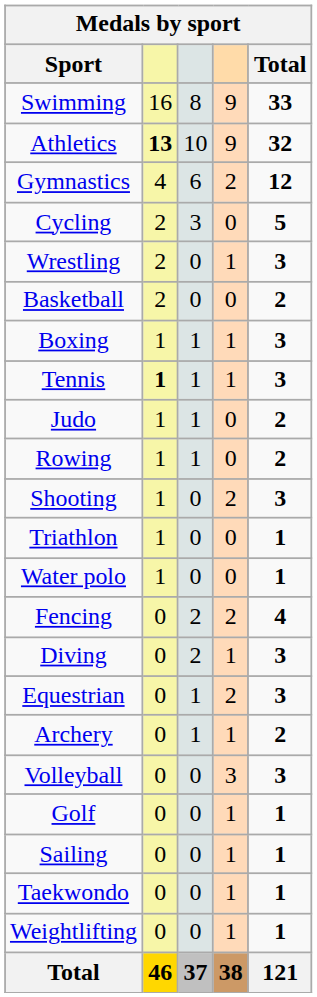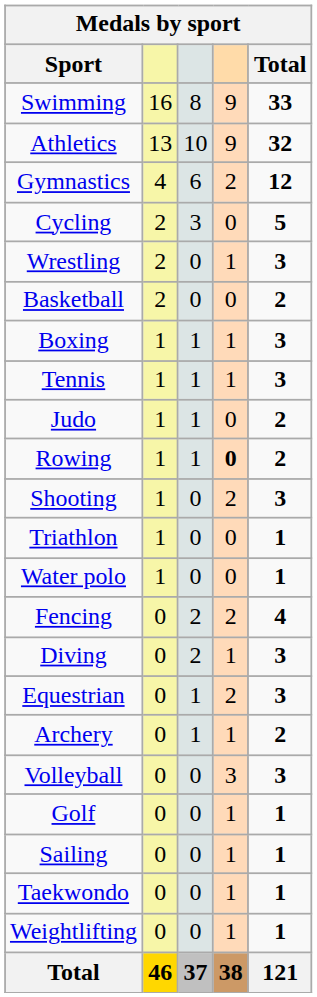 <table class=wikitable style=font-size:85%;float:right;text-align:center>
 <tr>
 <th colspan=7>Medals by sport</th>
 </tr>
 <tr>
 <th>Sport</th>
 <td bgcolor=F7F6A8></td>
 <td bgcolor=DCE5E5></td>
 <td bgcolor=FFDBA9></td>
 <th>Total</th>
 </tr>
 <tr>
 <td><a href='#'>Swimming</a></td>
 <td bgcolor=F7F6A8>16</td>
 <td bgcolor=DCE5E5>8</td>
 <td bgcolor=FFDAB9>9</td>
 <td><strong>33</strong></td>
 </tr>
 <tr>
 <td><a href='#'>Athletics</a></td>
-<td bgcolor=F7F6A8><strong>13</strong></td>
+<td bgcolor=F7F6A8>13</td>
 <td bgcolor=DCE5E5>10</td>
 <td bgcolor=FFDAB9>9</td>
 <td><strong>32</strong></td>
 </tr>
 <tr>
 <td><a href='#'>Gymnastics</a></td>
 <td bgcolor=F7F6A8>4</td>
 <td bgcolor=DCE5E5>6</td>
 <td bgcolor=FFDAB9>2</td>
 <td><strong>12</strong></td>
 </tr>
 <tr>
 <td><a href='#'>Cycling</a></td>
 <td bgcolor=F7F6A8>2</td>
 <td bgcolor=DCE5E5>3</td>
 <td bgcolor=FFDAB9>0</td>
 <td><strong>5</strong></td>
 </tr>
 <tr>
 <td><a href='#'>Wrestling</a></td>
 <td bgcolor=F7F6A8>2</td>
 <td bgcolor=DCE5E5>0</td>
 <td bgcolor=FFDAB9>1</td>
 <td><strong>3</strong></td>
 </tr>
 <tr>
 <td><a href='#'>Basketball</a></td>
 <td bgcolor=F7F6A8>2</td>
 <td bgcolor=DCE5E5>0</td>
 <td bgcolor=FFDAB9>0</td>
 <td><strong>2</strong></td>
 </tr>
 <tr>
 <td><a href='#'>Boxing</a></td>
 <td bgcolor=F7F6A8>1</td>
 <td bgcolor=DCE5E5>1</td>
 <td bgcolor=FFDAB9>1</td>
 <td><strong>3</strong></td>
 </tr>
 <tr>
 <td><a href='#'>Tennis</a></td>
-<td bgcolor=F7F6A8><strong>1</strong></td>
+<td bgcolor=F7F6A8>1</td>
 <td bgcolor=DCE5E5>1</td>
 <td bgcolor=FFDAB9>1</td>
 <td><strong>3</strong></td>
 </tr>
 <tr>
 <td><a href='#'>Judo</a></td>
 <td bgcolor=F7F6A8>1</td>
 <td bgcolor=DCE5E5>1</td>
 <td bgcolor=FFDAB9>0</td>
 <td><strong>2</strong></td>
 </tr>
 <tr>
 <td><a href='#'>Rowing</a></td>
 <td bgcolor=F7F6A8>1</td>
 <td bgcolor=DCE5E5>1</td>
-<td bgcolor=FFDAB9>0</td>
+<td bgcolor=FFDAB9><strong>0</strong></td>
 <td><strong>2</strong></td>
 </tr>
 <tr>
 <td><a href='#'>Shooting</a></td>
 <td bgcolor=F7F6A8>1</td>
 <td bgcolor=DCE5E5>0</td>
 <td bgcolor=FFDAB9>2</td>
 <td><strong>3</strong></td>
 </tr>
 <tr>
 <td><a href='#'>Triathlon</a></td>
 <td bgcolor=F7F6A8>1</td>
 <td bgcolor=DCE5E5>0</td>
 <td bgcolor=FFDAB9>0</td>
 <td><strong>1</strong></td>
 </tr>
 <tr>
 <td><a href='#'>Water polo</a></td>
 <td bgcolor=F7F6A8>1</td>
 <td bgcolor=DCE5E5>0</td>
 <td bgcolor=FFDAB9>0</td>
 <td><strong>1</strong></td>
 </tr>
 <tr>
 <td><a href='#'>Fencing</a></td>
 <td bgcolor=F7F6A8>0</td>
 <td bgcolor=DCE5E5>2</td>
 <td bgcolor=FFDAB9>2</td>
 <td><strong>4</strong></td>
 </tr>
 <tr>
 <td><a href='#'>Diving</a></td>
 <td bgcolor=F7F6A8>0</td>
 <td bgcolor=DCE5E5>2</td>
 <td bgcolor=FFDAB9>1</td>
 <td><strong>3</strong></td>
 </tr>
 <tr>
 <td><a href='#'>Equestrian</a></td>
 <td bgcolor=F7F6A8>0</td>
 <td bgcolor=DCE5E5>1</td>
 <td bgcolor=FFDAB9>2</td>
 <td><strong>3</strong></td>
 </tr>
 <tr>
 <td><a href='#'>Archery</a></td>
 <td bgcolor=F7F6A8>0</td>
 <td bgcolor=DCE5E5>1</td>
 <td bgcolor=FFDAB9>1</td>
 <td><strong>2</strong></td>
 </tr>
 <tr>
 <td><a href='#'>Volleyball</a></td>
 <td bgcolor=F7F6A8>0</td>
 <td bgcolor=DCE5E5>0</td>
 <td bgcolor=FFDAB9>3</td>
 <td><strong>3</strong></td>
 </tr>
 <tr>
 <td><a href='#'>Golf</a></td>
 <td bgcolor=F7F6A8>0</td>
 <td bgcolor=DCE5E5>0</td>
 <td bgcolor=FFDAB9>1</td>
 <td><strong>1</strong></td>
 </tr>
 <tr>
 <td><a href='#'>Sailing</a></td>
 <td bgcolor=F7F6A8>0</td>
 <td bgcolor=DCE5E5>0</td>
 <td bgcolor=FFDAB9>1</td>
 <td><strong>1</strong></td>
 </tr>
 <tr>
 <td><a href='#'>Taekwondo</a></td>
 <td bgcolor=F7F6A8>0</td>
 <td bgcolor=DCE5E5>0</td>
 <td bgcolor=FFDAB9>1</td>
 <td><strong>1</strong></td>
 </tr>
 <tr>
 <td><a href='#'>Weightlifting</a></td>
 <td bgcolor=F7F6A8>0</td>
 <td bgcolor=DCE5E5>0</td>
 <td bgcolor=FFDAB9>1</td>
 <td><strong>1</strong></td>
 </tr>
 <tr>
 <th>Total</th>
 <th style=background:gold>46</th>
 <th style=background:silver>37</th>
 <th style=background:#c96>38</th>
 <th>121</th>
 </tr>
 </table>
